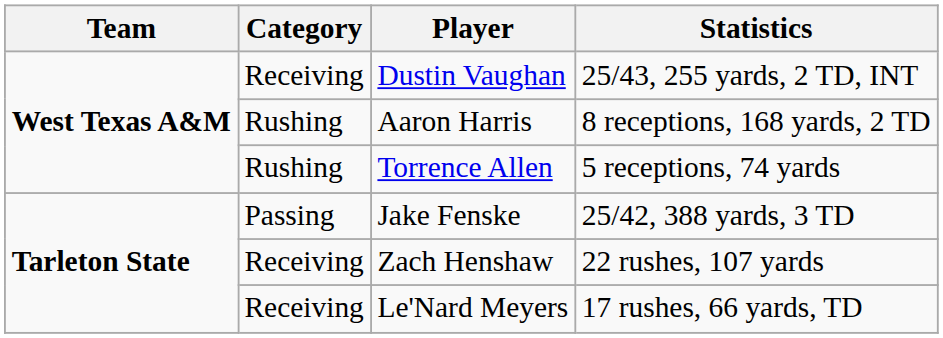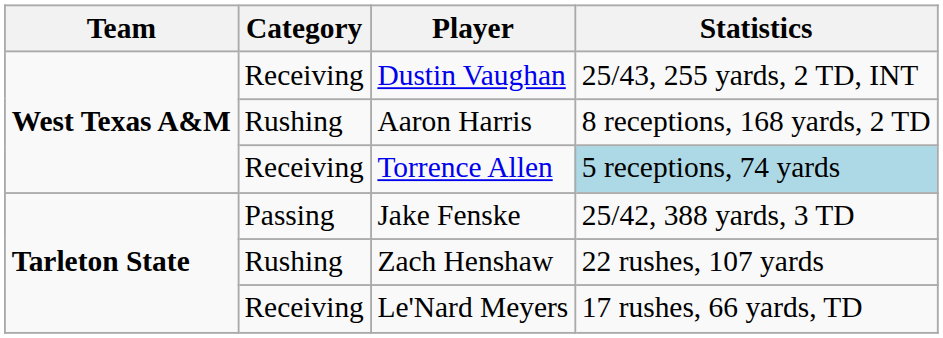 <table class="wikitable" style="float: left;">
 <tr>
 <th>Team</th>
 <th>Category</th>
 <th>Player</th>
 <th>Statistics</th>
 </tr>
 <tr>
 <td rowspan=3><strong>West Texas A&M</strong></td>
 <td>Receiving</td>
 <td><a href='#'>Dustin Vaughan</a></td>
 <td>25/43, 255 yards, 2 TD, INT</td>
 </tr>
 <tr>
 <td>Rushing</td>
 <td>Aaron Harris</td>
 <td>8 receptions, 168 yards, 2 TD</td>
 </tr>
 <tr>
-<td>Rushing</td>
+<td>Receiving</td>
 <td><a href='#'>Torrence Allen</a></td>
-<td>5 receptions, 74 yards</td>
+<td style="background: lightblue;">5 receptions, 74 yards</td>
 </tr>
 <tr>
 <td rowspan=3><strong>Tarleton State</strong></td>
 <td>Passing</td>
 <td>Jake Fenske</td>
 <td>25/42, 388 yards, 3 TD</td>
 </tr>
 <tr>
-<td>Receiving</td>
+<td>Rushing</td>
 <td>Zach Henshaw</td>
 <td>22 rushes, 107 yards</td>
 </tr>
 <tr>
 <td>Receiving</td>
 <td>Le'Nard Meyers</td>
 <td>17 rushes, 66 yards, TD</td>
 </tr>
 </table>
